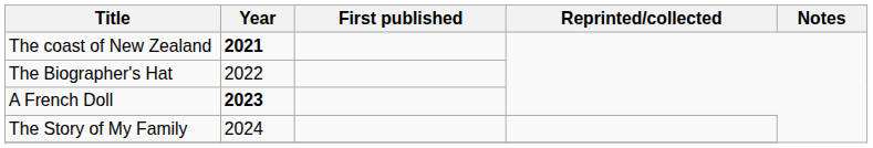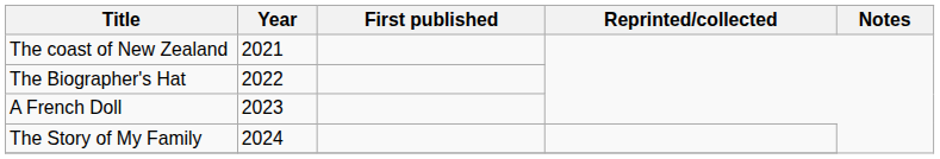 <table class='wikitable sortable' width='90%'>
 <tr>
 <th width=25%>Title</th>
 <th>Year</th>
 <th>First published</th>
 <th>Reprinted/collected</th>
 <th>Notes</th>
 </tr>
 <tr>
 <td>The coast of New Zealand</td>
-<td><strong>2021</strong></td>
+<td>2021</td>
 <td></td>
 </tr>
 <tr>
 <td>The Biographer's Hat</td>
 <td>2022</td>
 <td></td>
 </tr>
 <tr>
 <td>A French Doll</td>
-<td><strong>2023</strong></td>
+<td>2023</td>
 <td></td>
 </tr>
 <tr>
 <td>The Story of My Family</td>
 <td>2024</td>
 <td></td>
 <td></td>
 </tr>
 <tr>
 </tr>
 </table>
